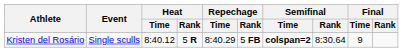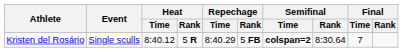 <table class="wikitable" style="font-size:90%;text-align:center">
 <tr>
 <th rowspan=2>Athlete</th>
 <th rowspan=2>Event</th>
 <th colspan=2>Heat</th>
 <th colspan=2>Repechage</th>
 <th colspan=2>Semifinal</th>
 <th colspan=2>Final</th>
 </tr>
 <tr style=font-size:95%>
 <th>Time</th>
 <th>Rank</th>
 <th>Time</th>
 <th>Rank</th>
 <th>Time</th>
 <th>Rank</th>
 <th>Time</th>
 <th>Rank</th>
 </tr>
 <tr>
 <td style="text-align:left"><a href='#'>Kristen del Rosário</a></td>
-<td style="text-align:left"><a href='#'>Single sculls</a></td>
+<td style="background: lightyellow; text-align:left"><a href='#'>Single sculls</a></td>
 <td>8:40.12</td>
 <td>5 <strong>R</strong></td>
 <td>8:40.29</td>
 <td>5 <strong>FB</strong></td>
 <td><strong>colspan=2 </strong></td>
 <td>8:30.64</td>
-<td>9</td>
+<td>7</td>
 </tr>
 </table>
